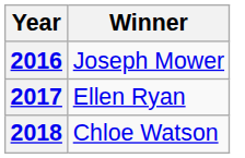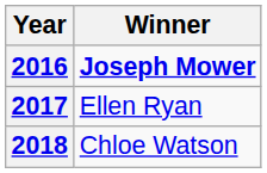 <table class="wikitable">
 <tr>
 <th>Year</th>
 <th>Winner</th>
 </tr>
 <tr>
 <th><a href='#'>2016</a></th>
-<td> <a href='#'>Joseph Mower</a></td>
+<td><strong> <a href='#'>Joseph Mower</a></strong></td>
 </tr>
 <tr>
 <th><a href='#'>2017</a></th>
 <td> <a href='#'>Ellen Ryan</a></td>
 </tr>
 <tr>
 <th><a href='#'>2018</a></th>
 <td> <a href='#'>Chloe Watson</a></td>
 </tr>
 </table>
